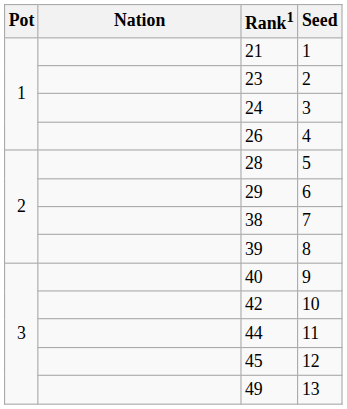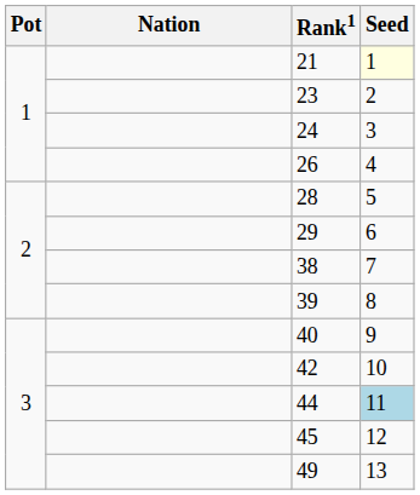 <table class="wikitable">
 <tr>
 <th>Pot</th>
 <th width="175">Nation</th>
 <th>Rank<sup>1</sup></th>
 <th>Seed</th>
 </tr>
 <tr>
 <td rowspan=4 style="text-align:center;">1</td>
 <td></td>
 <td>21</td>
-<td>1</td>
+<td style="background: lightyellow;">1</td>
 </tr>
 <tr>
 <td></td>
 <td>23</td>
 <td>2</td>
 </tr>
 <tr>
 <td></td>
 <td>24</td>
 <td>3</td>
 </tr>
 <tr>
 <td></td>
 <td>26</td>
 <td>4</td>
 </tr>
 <tr>
 <td rowspan=4 style="text-align:center;">2</td>
 <td></td>
 <td>28</td>
 <td>5</td>
 </tr>
 <tr>
 <td></td>
 <td>29</td>
 <td>6</td>
 </tr>
 <tr>
 <td></td>
 <td>38</td>
 <td>7</td>
 </tr>
 <tr>
 <td></td>
 <td>39</td>
 <td>8</td>
 </tr>
 <tr>
 <td rowspan=5 style="text-align:center;">3</td>
 <td></td>
 <td>40</td>
 <td>9</td>
 </tr>
 <tr>
 <td></td>
 <td>42</td>
 <td>10</td>
 </tr>
 <tr>
 <td></td>
 <td>44</td>
-<td>11</td>
+<td style="background: lightblue;">11</td>
 </tr>
 <tr>
 <td></td>
 <td>45</td>
 <td>12</td>
 </tr>
 <tr>
 <td></td>
 <td>49</td>
 <td>13</td>
 </tr>
 </table>
